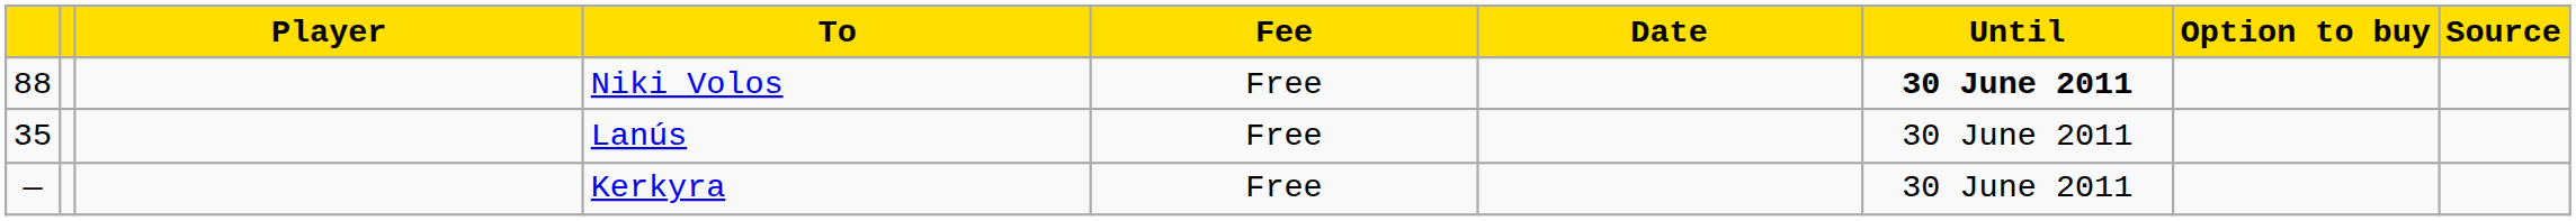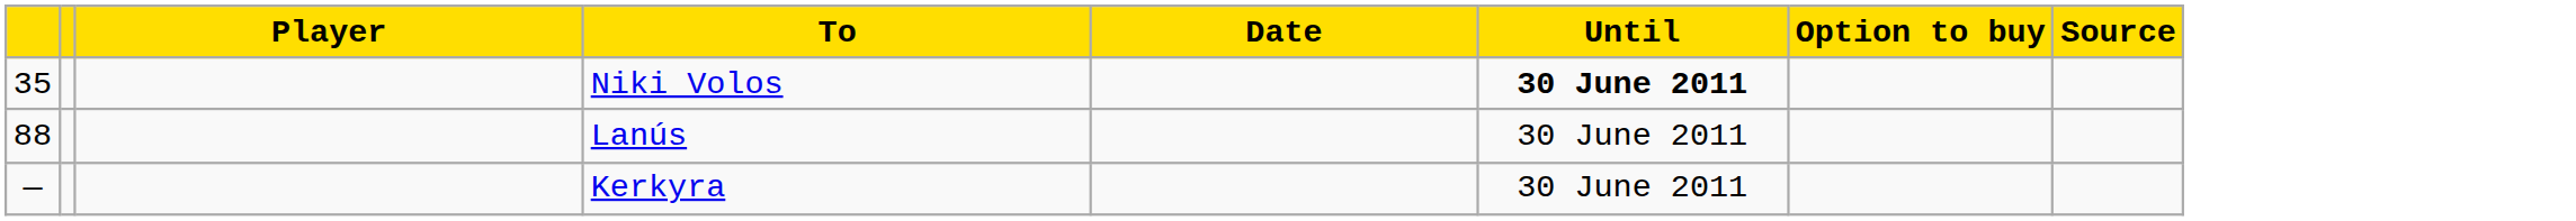 <table class="wikitable sortable">
 <tr>
 <th style="background:#FFDE00"></th>
 <th style="background:#FFDE00"></th>
 <th width=200 style="background:#FFDE00">Player</th>
 <th width=200 style="background:#FFDE00">To</th>
-<th width=150 style="background:#FFDE00">Fee</th>
 <th width=150 style="background:#FFDE00">Date</th>
 <th width=120 style="background:#FFDE00">Until</th>
 <th style="background:#FFDE00">Option to buy</th>
 <th style="background:#FFDE00">Source</th>
 </tr>
 <tr>
-<td align=center>88</td>
+<td align=center>35</td>
 <td align=center></td>
 <td></td>
 <td> <a href='#'>Niki Volos</a></td>
-<td align=center>Free</td>
 <td align=center></td>
 <td align=center><strong>30 June 2011</strong></td>
 <td align=center></td>
 <td align=center></td>
 </tr>
 <tr>
-<td align=center>35</td>
+<td align=center>88</td>
 <td align=center></td>
 <td></td>
 <td> <a href='#'>Lanús</a></td>
-<td align=center>Free</td>
 <td align=center></td>
 <td align=center>30 June 2011</td>
 <td align=center></td>
 <td align=center></td>
 </tr>
 <tr>
 <td align=center>—</td>
 <td align=center></td>
 <td></td>
 <td> <a href='#'>Kerkyra</a></td>
-<td align=center>Free</td>
 <td align=center></td>
 <td align=center>30 June 2011</td>
 <td align=center></td>
 <td align=center></td>
 </tr>
 </table>
